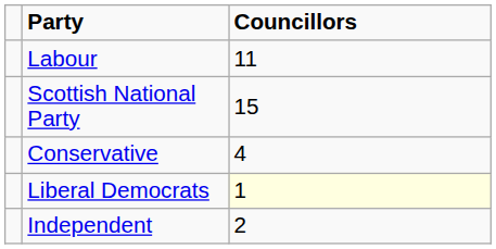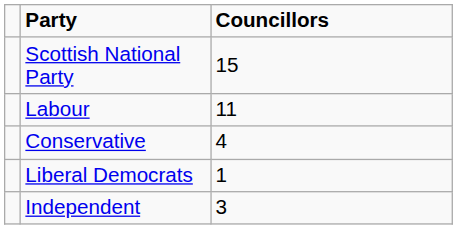 <table class="wikitable">
 <tr>
 <td width="5"></td>
 <td style="width:140px;"><strong>Party</strong></td>
 <td style="width:180px;"><strong>Councillors</strong></td>
 </tr>
 <tr>
 <td style="color:inherit;background:"></td>
-<td><a href='#'>Labour</a></td>
-<td>11</td>
+<td><a href='#'>Scottish National Party</a></td>
+<td>15</td>
 </tr>
 <tr>
 <td style="color:inherit;background:"></td>
-<td><a href='#'>Scottish National Party</a></td>
-<td>15</td>
+<td><a href='#'>Labour</a></td>
+<td>11</td>
 </tr>
 <tr>
 <td style="color:inherit;background:"></td>
 <td><a href='#'>Conservative</a></td>
 <td>4</td>
 </tr>
 <tr>
 <td></td>
 <td><a href='#'>Liberal Democrats</a></td>
-<td style="background: lightyellow;">1</td>
+<td>1</td>
 </tr>
 <tr>
 <td style="color:inherit;background:"></td>
 <td><a href='#'>Independent</a></td>
-<td>2</td>
+<td>3</td>
 </tr>
 </table>
